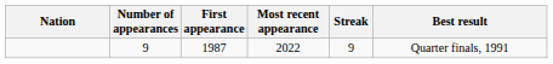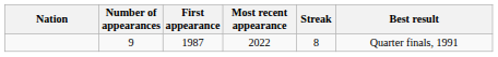 <table class="wikitable" style="text-align:center">
 <tr>
 <th width="130">Nation</th>
 <th width="60">Number of appearances</th>
 <th width="60">First appearance</th>
 <th width="100">Most recent appearance</th>
 <th width="50">Streak</th>
 <th width="220">Best result</th>
 </tr>
 <tr>
 <td align=left></td>
 <td>9</td>
 <td>1987</td>
 <td>2022</td>
-<td>9</td>
+<td>8</td>
 <td>Quarter finals, 1991</td>
 </tr>
 </table>
